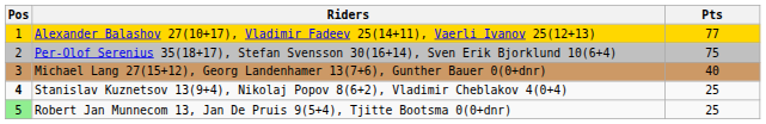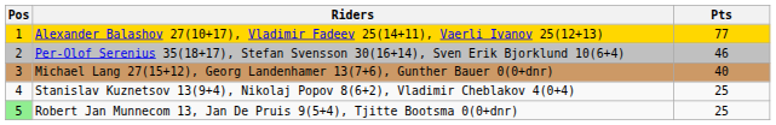 <table class="wikitable" style="font-size: 100%">
 <tr>
 <th width=20>Pos</th>
 <th width=700>Riders</th>
 <th width=100>Pts</th>
 </tr>
 <tr align=center style="background-color: gold;">
 <td>1</td>
 <td align="left"> <a href='#'>Alexander Balashov</a> 27(10+17), <a href='#'>Vladimir Fadeev</a> 25(14+11), <a href='#'>Vaerli Ivanov</a> 25(12+13)</td>
 <td>77</td>
 </tr>
 <tr align=center style="background-color: silver;">
 <td>2</td>
 <td align="left"> <a href='#'>Per-Olof Serenius</a> 35(18+17), Stefan Svensson 30(16+14), Sven Erik Bjorklund 10(6+4)</td>
-<td>75</td>
+<td>46</td>
 </tr>
 <tr align=center style="background-color: #cc9966;">
 <td>3</td>
 <td align="left"> Michael Lang 27(15+12), Georg Landenhamer 13(7+6), Gunther Bauer 0(0+dnr)</td>
 <td>40</td>
 </tr>
 <tr align=center>
-<td><strong>4</strong></td>
+<td>4</td>
 <td align="left"> Stanislav Kuznetsov 13(9+4), Nikolaj Popov 8(6+2), Vladimir Cheblakov 4(0+4)</td>
 <td>25</td>
 </tr>
 <tr align=center>
 <td style="background: lightgreen;">5</td>
 <td align="left"> Robert Jan Munnecom 13, Jan De Pruis 9(5+4), Tjitte Bootsma 0(0+dnr)</td>
 <td>25</td>
 </tr>
 </table>
